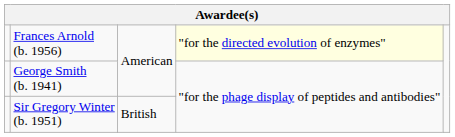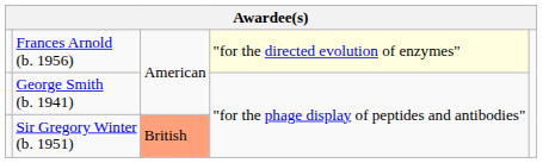 <table class="wikitable">
 <tr>
 <th colspan="5">Awardee(s)</th>
 </tr>
 <tr>
 <td></td>
 <td><a href='#'>Frances Arnold</a><br>(b. 1956)</td>
 <td rowspan="2"> American</td>
 <td style="background: lightyellow;">"for the <a href='#'>directed evolution</a> of enzymes"</td>
 <td rowspan="3"></td>
 </tr>
 <tr>
 <td></td>
 <td><a href='#'>George Smith</a><br>(b. 1941)</td>
 <td rowspan="2">"for the <a href='#'>phage display</a> of peptides and antibodies"</td>
 </tr>
 <tr>
 <td></td>
 <td><a href='#'>Sir Gregory Winter</a><br>(b. 1951)</td>
-<td> British</td>
+<td style="background: lightsalmon;"> British</td>
 </tr>
 </table>
